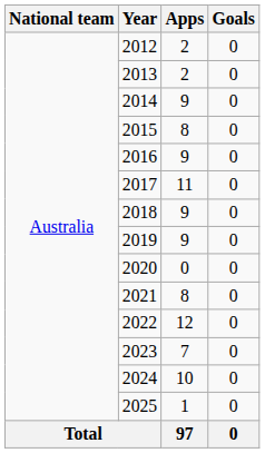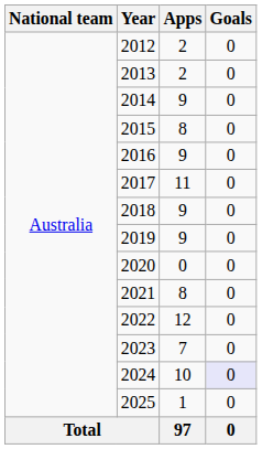 <table class="wikitable" style="text-align:center">
 <tr>
 <th>National team</th>
 <th>Year</th>
 <th>Apps</th>
 <th>Goals</th>
 </tr>
 <tr>
 <td rowspan=14><a href='#'>Australia</a></td>
 <td>2012</td>
 <td>2</td>
 <td>0</td>
 </tr>
 <tr>
 <td>2013</td>
 <td>2</td>
 <td>0</td>
 </tr>
 <tr>
 <td>2014</td>
 <td>9</td>
 <td>0</td>
 </tr>
 <tr>
 <td>2015</td>
 <td>8</td>
 <td>0</td>
 </tr>
 <tr>
 <td>2016</td>
 <td>9</td>
 <td>0</td>
 </tr>
 <tr>
 <td>2017</td>
 <td>11</td>
 <td>0</td>
 </tr>
 <tr>
 <td>2018</td>
 <td>9</td>
 <td>0</td>
 </tr>
 <tr>
 <td>2019</td>
 <td>9</td>
 <td>0</td>
 </tr>
 <tr>
 <td>2020</td>
 <td>0</td>
 <td>0</td>
 </tr>
 <tr>
 <td>2021</td>
 <td>8</td>
 <td>0</td>
 </tr>
 <tr>
 <td>2022</td>
 <td>12</td>
 <td>0</td>
 </tr>
 <tr>
 <td>2023</td>
 <td>7</td>
 <td>0</td>
 </tr>
 <tr>
 <td>2024</td>
 <td>10</td>
-<td>0</td>
+<td style="background: lavender;">0</td>
 </tr>
 <tr>
 <td>2025</td>
 <td>1</td>
 <td>0</td>
 </tr>
 <tr>
 <th colspan=2>Total</th>
 <th>97</th>
 <th>0</th>
 </tr>
 </table>
